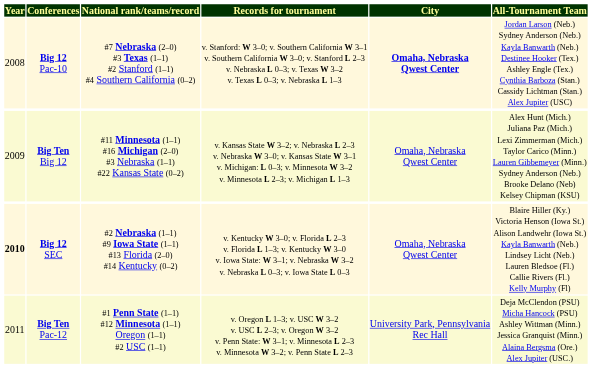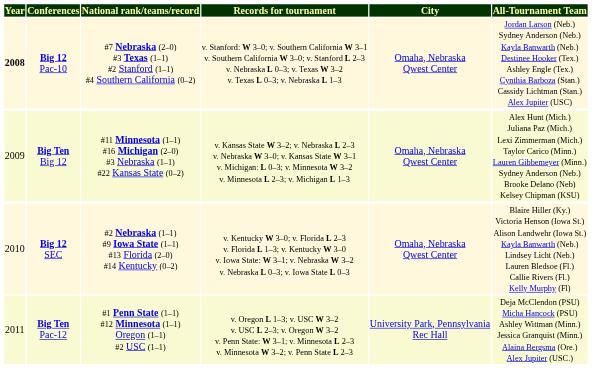 <table border="0" style="color:#003300; text-align:center">
 <tr style="background:#003300; color:#FFFF99">
 <th>Year</th>
 <th>Conferences</th>
 <th>National rank/teams/record</th>
 <th>Records for tournament</th>
 <th>City</th>
 <th>All-Tournament Team</th>
 </tr>
 <tr style="background:cornsilk; color:black;">
-<td>2008</td>
+<td><strong>2008</strong></td>
 <td><strong><a href='#'>Big 12</a></strong><br> <a href='#'>Pac-10</a></td>
 <td><small>#7</small> <strong><a href='#'>Nebraska</a></strong> <small>(2–0)</small><br> <small>#3</small> <strong><a href='#'>Texas</a></strong> <small>(1–1)</small> <br> <small>#2</small> <a href='#'>Stanford</a> <small>(1–1)</small> <br> <small>#4</small> <a href='#'>Southern California</a> <small>(0–2)</small></td>
 <td><small>v. Stanford: <strong>W</strong> 3–0; v. Southern California <strong>W</strong> 3–1<br> v. Southern California <strong>W</strong> 3–0; v. Stanford <strong>L</strong> 2–3<br> v. Nebraska <strong>L</strong> 0–3; v. Texas <strong>W</strong> 3–2<br> v. Texas <strong>L</strong> 0–3; v. Nebraska <strong>L</strong> 1–3</small></td>
-<td><strong><a href='#'>Omaha, Nebraska</a><br><a href='#'>Qwest Center</a></strong></td>
+<td><a href='#'>Omaha, Nebraska</a><br><a href='#'>Qwest Center</a></td>
 <td><small> <a href='#'>Jordan Larson</a> (Neb.)<br> Sydney Anderson (Neb.)<br> <a href='#'>Kayla Banwarth</a> (Neb.)<br><a href='#'>Destinee Hooker</a> (Tex.)<br>Ashley Engle (Tex.)<br><a href='#'>Cynthia Barboza</a> (Stan.)<br>Cassidy Lichtman (Stan.)<br><a href='#'>Alex Jupiter</a> (USC)</small></td>
 </tr>
 <tr>
 </tr>
 <tr style="background:LightGoldenrodYellow; color:black;">
 <td>2009</td>
 <td><strong><a href='#'>Big Ten</a></strong><br><a href='#'>Big 12</a></td>
 <td><small>#11</small> <strong><a href='#'>Minnesota</a></strong> <small>(1–1)</small> <br> <small>#16</small> <strong><a href='#'>Michigan</a></strong> <small>(2–0)</small><br><small>#3</small> <a href='#'>Nebraska</a> <small>(1–1)</small><br> <small>#22</small> <a href='#'>Kansas State</a> <small>(0–2)</small> <br></td>
 <td><small><br> v. Kansas State <strong>W</strong> 3–2; v. Nebraska <strong>L</strong> 2–3<br> v. Nebraska <strong>W</strong> 3–0; v. Kansas State <strong>W</strong> 3–1<br>v. Michigan: <strong>L</strong>  0–3; v. Minnesota <strong>W</strong> 3–2<br> v. Minnesota <strong>L</strong> 2–3; v. Michigan <strong>L</strong> 1–3</small></td>
 <td><a href='#'>Omaha, Nebraska</a><br><a href='#'>Qwest Center</a></td>
 <td><small> Alex Hunt (Mich.)<br>Juliana Paz (Mich.)<br>Lexi Zimmerman (Mich.) <br>Taylor Carico (Minn.)<br><a href='#'>Lauren Gibbemeyer</a> (Minn.) <br> Sydney Anderson (Neb.)<br>Brooke Delano (Neb) <br> Kelsey Chipman (KSU)</small></td>
 </tr>
 <tr>
 </tr>
 <tr style="background:cornsilk; color:black;">
-<td><strong>2010</strong></td>
+<td>2010</td>
 <td><strong><a href='#'>Big 12</a></strong> <br><a href='#'>SEC</a></td>
 <td><small>#2</small> <strong><a href='#'>Nebraska</a></strong> <small>(1–1)</small> <br> <small>#9</small> <strong><a href='#'>Iowa State</a></strong> <small>(1–1)</small><br><small>#13</small> <a href='#'>Florida</a> <small>(2–0)</small><br> <small>#14</small> <a href='#'>Kentucky</a> <small>(0–2)</small> <br></td>
 <td><small><br> v. Kentucky <strong>W</strong> 3–0; v. Florida <strong>L</strong> 2–3<br> v. Florida <strong>L</strong> 1–3; v. Kentucky <strong>W</strong> 3–0<br>v. Iowa State: <strong>W</strong>  3–1; v. Nebraska <strong>W</strong> 3–2<br> v. Nebraska <strong>L</strong> 0–3; v. Iowa State <strong>L</strong> 0–3</small></td>
 <td><a href='#'>Omaha, Nebraska</a><br><a href='#'>Qwest Center</a></td>
 <td><small> Blaire Hiller (Ky.)<br>Victoria Henson (Iowa St.)<br>Alison Landwehr (Iowa St.) <br><a href='#'>Kayla Banwarth</a> (Neb.)<br>Lindsey Licht (Neb.) <br> Lauren Bledsoe (Fl.)<br>Callie Rivers (Fl.) <br> <a href='#'>Kelly Murphy</a> (Fl)</small></td>
 </tr>
 <tr style="background:LightGoldenrodYellow; color:black;">
 <td>2011</td>
 <td><strong><a href='#'>Big Ten</a></strong><br><a href='#'>Pac-12</a></td>
 <td><small>#1</small> <strong><a href='#'>Penn State</a></strong> <small>(1–1)</small> <br> <small>#12</small> <strong><a href='#'>Minnesota</a></strong> <small>(1–1)</small><br><small></small> <a href='#'>Oregon</a> <small>(1–1)</small><br> <small>#2</small> <a href='#'>USC</a> <small>(1–1)</small> <br></td>
 <td><small><br> v. Oregon <strong>L</strong> 1–3; v. USC <strong>W</strong> 3–2<br> v. USC <strong>L</strong> 2–3; v. Oregon <strong>W</strong> 3–2<br>v. Penn State: <strong>W</strong>  3–1; v. Minnesota <strong>L</strong> 2–3<br> v. Minnesota <strong>W</strong> 3–2; v. Penn State <strong>L</strong> 2–3</small></td>
 <td><a href='#'>University Park, Pennsylvania</a><br><a href='#'>Rec Hall</a></td>
 <td><small> Deja McClendon (PSU)<br><a href='#'>Micha Hancock</a> (PSU)<br>Ashley Wittman (Minn.) <br>Jessica Granquist (Minn.)<br><a href='#'>Alaina Bergsma</a> (Ore.) <br> <a href='#'>Alex Jupiter</a> (USC.)</small></td>
 </tr>
 </table>
